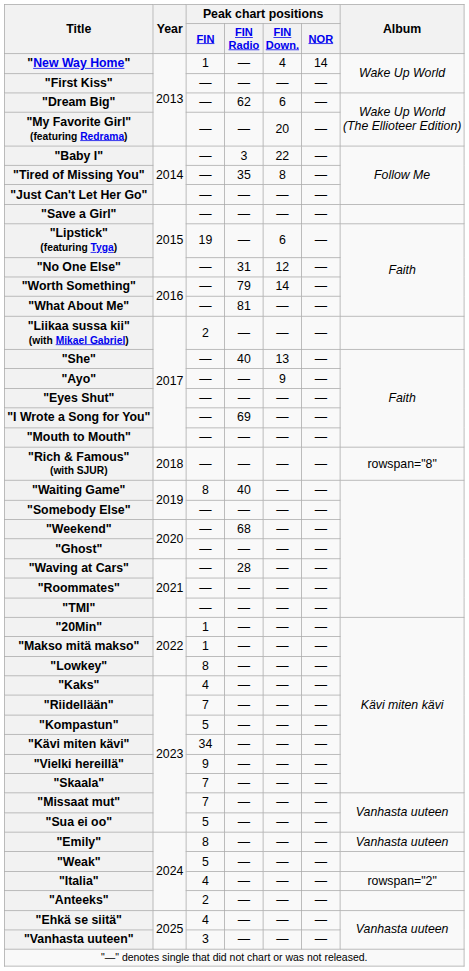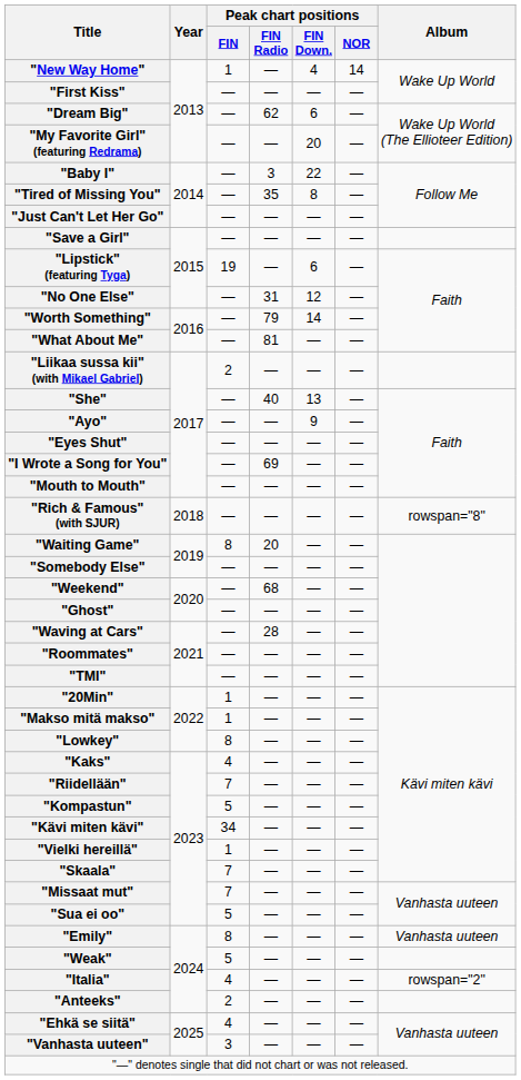 <table class="wikitable plainrowheaders" style="text-align:center;">
 <tr>
 <th scope="col" rowspan="2">Title</th>
 <th scope="col" rowspan="2">Year</th>
 <th scope="col" colspan="4">Peak chart positions</th>
 <th scope="col" rowspan="2">Album</th>
 </tr>
 <tr>
 <th scope="col" style="width:3em;font-size:90%;"><a href='#'>FIN</a><br></th>
 <th scope="col" style="width:3em;font-size:90%;"><a href='#'>FIN<br>Radio</a><br></th>
 <th scope="col" style="width:3em;font-size:90%;"><a href='#'>FIN<br>Down.</a><br></th>
 <th scope="col" style="width:3em;font-size:90%;"><a href='#'>NOR</a><br></th>
 </tr>
 <tr>
 <th scope="row">"<a href='#'>New Way Home</a>"</th>
 <td rowspan="4">2013</td>
 <td>1</td>
 <td>—</td>
 <td>4</td>
 <td>14</td>
 <td rowspan="2"><em>Wake Up World</em></td>
 </tr>
 <tr>
 <th scope="row">"First Kiss"</th>
 <td>—</td>
 <td>—</td>
 <td>—</td>
 <td>—</td>
 </tr>
 <tr>
 <th scope="row">"Dream Big"</th>
 <td>—</td>
 <td>62</td>
 <td>6</td>
 <td>—</td>
 <td rowspan="2"><em>Wake Up World<br>(The Ellioteer Edition)</em></td>
 </tr>
 <tr>
 <th scope="row">"My Favorite Girl"<br><small>(featuring <a href='#'>Redrama</a>)</small></th>
 <td>—</td>
 <td>—</td>
 <td>20</td>
 <td>—</td>
 </tr>
 <tr>
 <th scope="row">"Baby I"</th>
 <td rowspan="3">2014</td>
 <td>—</td>
 <td>3</td>
 <td>22</td>
 <td>—</td>
 <td rowspan="3"><em>Follow Me</em></td>
 </tr>
 <tr>
 <th scope="row">"Tired of Missing You"</th>
 <td>—</td>
 <td>35</td>
 <td>8</td>
 <td>—</td>
 </tr>
 <tr>
 <th scope="row">"Just Can't Let Her Go"</th>
 <td>—</td>
 <td>—</td>
 <td>—</td>
 <td>—</td>
 </tr>
 <tr>
 <th scope="row">"Save a Girl"</th>
 <td rowspan="3">2015</td>
 <td>—</td>
 <td>—</td>
 <td>—</td>
 <td>—</td>
 <td></td>
 </tr>
 <tr>
 <th scope="row">"Lipstick"<br><small>(featuring <a href='#'>Tyga</a>)</small></th>
 <td>19</td>
 <td>—</td>
 <td>6</td>
 <td>—</td>
 <td rowspan="4"><em>Faith</em></td>
 </tr>
 <tr>
 <th scope="row">"No One Else"</th>
 <td>—</td>
 <td>31</td>
 <td>12</td>
 <td>—</td>
 </tr>
 <tr>
 <th scope="row">"Worth Something"</th>
 <td rowspan="2">2016</td>
 <td>—</td>
 <td>79</td>
 <td>14</td>
 <td>—</td>
 </tr>
 <tr>
 <th scope="row">"What About Me"</th>
 <td>—</td>
 <td>81</td>
 <td>—</td>
 <td>—</td>
 </tr>
 <tr>
 <th scope="row">"Liikaa sussa kii"<br><small>(with <a href='#'>Mikael Gabriel</a>)</small></th>
 <td rowspan="6">2017</td>
 <td>2</td>
 <td>—</td>
 <td>—</td>
 <td>—</td>
 <td></td>
 </tr>
 <tr>
 <th scope="row">"She"</th>
 <td>—</td>
 <td>40</td>
 <td>13</td>
 <td>—</td>
 <td rowspan="5"><em>Faith</em></td>
 </tr>
 <tr>
 <th scope="row">"Ayo"</th>
 <td>—</td>
 <td>—</td>
 <td>9</td>
 <td>—</td>
 </tr>
 <tr>
 <th scope="row">"Eyes Shut"</th>
 <td>—</td>
 <td>—</td>
 <td>—</td>
 <td>—</td>
 </tr>
 <tr>
 <th scope="row">"I Wrote a Song for You"</th>
 <td>—</td>
 <td>69</td>
 <td>—</td>
 <td>—</td>
 </tr>
 <tr>
 <th scope="row">"Mouth to Mouth"</th>
 <td>—</td>
 <td>—</td>
 <td>—</td>
 <td>—</td>
 </tr>
 <tr>
 <th scope="row">"Rich & Famous"<br><small>(with SJUR)</small></th>
 <td>2018</td>
 <td>—</td>
 <td>—</td>
 <td>—</td>
 <td>—</td>
 <td>rowspan="8" </td>
 </tr>
 <tr>
 <th scope="row">"Waiting Game"</th>
 <td rowspan="2">2019</td>
 <td>8</td>
-<td>40</td>
+<td>20</td>
 <td>—</td>
 <td>—</td>
 </tr>
 <tr>
 <th scope="row">"Somebody Else"</th>
 <td>—</td>
 <td>—</td>
 <td>—</td>
 <td>—</td>
 </tr>
 <tr>
 <th scope="row">"Weekend"</th>
 <td rowspan="2">2020</td>
 <td>—</td>
 <td>68</td>
 <td>—</td>
 <td>—</td>
 </tr>
 <tr>
 <th scope="row">"Ghost"</th>
 <td>—</td>
 <td>—</td>
 <td>—</td>
 <td>—</td>
 </tr>
 <tr>
 <th scope="row">"Waving at Cars"</th>
 <td rowspan="3">2021</td>
 <td>—</td>
 <td>28</td>
 <td>—</td>
 <td>—</td>
 </tr>
 <tr>
 <th scope="row">"Roommates"</th>
 <td>—</td>
 <td>—</td>
 <td>—</td>
 <td>—</td>
 </tr>
 <tr>
 <th scope="row">"TMI"</th>
 <td>—</td>
 <td>—</td>
 <td>—</td>
 <td>—</td>
 </tr>
 <tr>
 <th scope="row">"20Min"<br></th>
 <td rowspan="3">2022</td>
 <td>1</td>
 <td>—</td>
 <td>—</td>
 <td>—</td>
 <td rowspan="9"><em>Kävi miten kävi</em></td>
 </tr>
 <tr>
 <th scope="row">"Makso mitä makso"<br></th>
 <td>1</td>
 <td>—</td>
 <td>—</td>
 <td>—</td>
 </tr>
 <tr>
 <th scope="row">"Lowkey"<br></th>
 <td>8</td>
 <td>—</td>
 <td>—</td>
 <td>—</td>
 </tr>
 <tr>
 <th scope="row">"Kaks"<br></th>
 <td rowspan="8">2023</td>
 <td>4</td>
 <td>—</td>
 <td>—</td>
 <td>—</td>
 </tr>
 <tr>
 <th scope="row">"Riidellään"<br></th>
 <td>7</td>
 <td>—</td>
 <td>—</td>
 <td>—</td>
 </tr>
 <tr>
 <th scope="row">"Kompastun"<br></th>
 <td>5</td>
 <td>—</td>
 <td>—</td>
 <td>—</td>
 </tr>
 <tr>
 <th scope="row">"Kävi miten kävi"</th>
 <td>34</td>
 <td>—</td>
 <td>—</td>
 <td>—</td>
 </tr>
 <tr>
 <th scope="row">"Vielki hereillä"<br></th>
-<td>9</td>
+<td>1</td>
 <td>—</td>
 <td>—</td>
 <td>—</td>
 </tr>
 <tr>
 <th scope="row">"Skaala"</th>
 <td>7</td>
 <td>—</td>
 <td>—</td>
 <td>—</td>
 </tr>
 <tr>
 <th scope="row">"Missaat mut"<br></th>
 <td>7</td>
 <td>—</td>
 <td>—</td>
 <td>—</td>
 <td rowspan="2"><em>Vanhasta uuteen</em></td>
 </tr>
 <tr>
 <th scope="row">"Sua ei oo"</th>
 <td>5</td>
 <td>—</td>
 <td>—</td>
 <td>—</td>
 </tr>
 <tr>
 <th scope="row">"Emily"</th>
 <td rowspan="4">2024</td>
 <td>8</td>
 <td>—</td>
 <td>—</td>
 <td>—</td>
 <td><em>Vanhasta uuteen</em></td>
 </tr>
 <tr>
 <th scope="row">"Weak"<br></th>
 <td>5</td>
 <td>—</td>
 <td>—</td>
 <td>—</td>
 </tr>
 <tr>
 <th scope="row">"Italia"<br></th>
 <td>4</td>
 <td>—</td>
 <td>—</td>
 <td>—</td>
 <td>rowspan="2" </td>
 </tr>
 <tr>
 <th scope="row">"Anteeks"<br></th>
 <td>2</td>
 <td>—</td>
 <td>—</td>
 <td>—</td>
 <td></td>
 </tr>
 <tr>
 <th scope="row">"Ehkä se siitä"</th>
 <td rowspan="2">2025</td>
 <td>4</td>
 <td>—</td>
 <td>—</td>
 <td>—</td>
 <td rowspan="2"><em>Vanhasta uuteen</em></td>
 </tr>
 <tr>
 <th scope="row">"Vanhasta uuteen"</th>
 <td>3</td>
 <td>—</td>
 <td>—</td>
 <td>—</td>
 </tr>
 <tr>
 <td colspan="17" style="text-align:center; font-size:85%;">"—" denotes single that did not chart or was not released.</td>
 </tr>
 </table>
